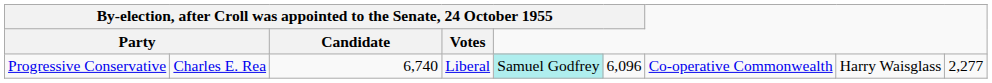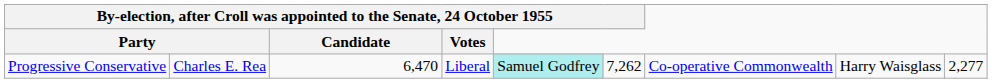 <table class="wikitable">
 <tr style="background:#e9e9e9;">
 <th colspan="6">By-election, after Croll was appointed to the Senate, 24 October 1955</th>
 </tr>
 <tr style="background:#e9e9e9;">
 <th colspan="2" style="width: 200px">Party</th>
 <th style="width: 170px">Candidate</th>
 <th style="width: 40px">Votes</th>
 </tr>
 <tr>
 <td><a href='#'>Progressive Conservative</a></td>
 <td><a href='#'>Charles E. Rea</a></td>
-<td align="right">6,740<br></td>
+<td align="right">6,470<br></td>
 <td><a href='#'>Liberal</a></td>
 <td style="background: paleturquoise;">Samuel Godfrey</td>
-<td align="right">6,096<br> </td>
+<td align="right">7,262<br> </td>
 <td><a href='#'>Co-operative Commonwealth</a></td>
 <td>Harry Waisglass</td>
 <td align="right">2,277</td>
 </tr>
 </table>
